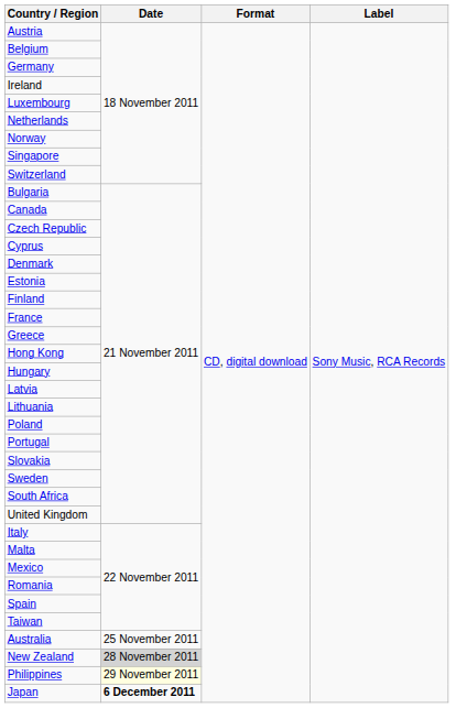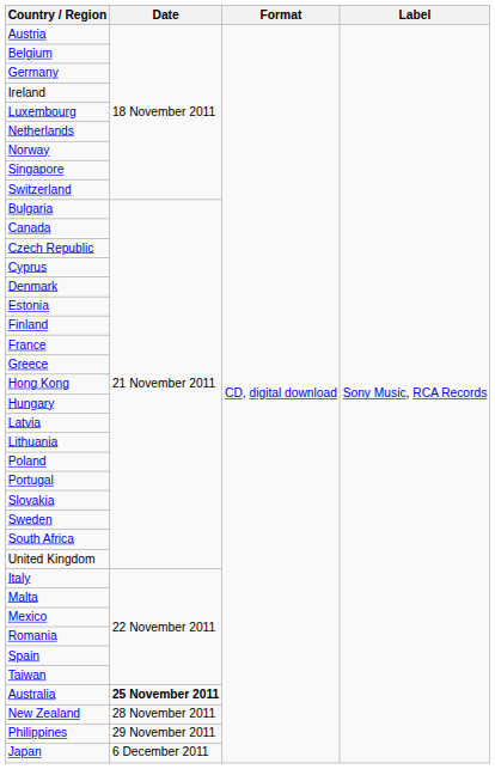 <table class="wikitable">
 <tr>
 <th>Country / Region</th>
 <th>Date</th>
 <th>Format</th>
 <th>Label</th>
 </tr>
 <tr>
 <td><a href='#'>Austria</a></td>
 <td rowspan="9">18 November 2011</td>
 <td rowspan="39"><a href='#'>CD</a>, <a href='#'>digital download</a></td>
 <td rowspan="39"><a href='#'>Sony Music</a>, <a href='#'>RCA Records</a></td>
 </tr>
 <tr>
 <td><a href='#'>Belgium</a></td>
 </tr>
 <tr>
 <td><a href='#'>Germany</a></td>
 </tr>
 <tr>
 <td>Ireland</td>
 </tr>
 <tr>
 <td><a href='#'>Luxembourg</a></td>
 </tr>
 <tr>
 <td><a href='#'>Netherlands</a></td>
 </tr>
 <tr>
 <td><a href='#'>Norway</a></td>
 </tr>
 <tr>
 <td><a href='#'>Singapore</a></td>
 </tr>
 <tr>
 <td><a href='#'>Switzerland</a></td>
 </tr>
 <tr>
 <td><a href='#'>Bulgaria</a></td>
 <td rowspan="19">21 November 2011</td>
 </tr>
 <tr>
 <td><a href='#'>Canada</a></td>
 </tr>
 <tr>
 <td><a href='#'>Czech Republic</a></td>
 </tr>
 <tr>
 <td><a href='#'>Cyprus</a></td>
 </tr>
 <tr>
 <td><a href='#'>Denmark</a></td>
 </tr>
 <tr>
 <td><a href='#'>Estonia</a></td>
 </tr>
 <tr>
 <td><a href='#'>Finland</a></td>
 </tr>
 <tr>
 <td><a href='#'>France</a></td>
 </tr>
 <tr>
 <td><a href='#'>Greece</a></td>
 </tr>
 <tr>
 <td><a href='#'>Hong Kong</a></td>
 </tr>
 <tr>
 <td><a href='#'>Hungary</a></td>
 </tr>
 <tr>
 <td><a href='#'>Latvia</a></td>
 </tr>
 <tr>
 <td><a href='#'>Lithuania</a></td>
 </tr>
 <tr>
 <td><a href='#'>Poland</a></td>
 </tr>
 <tr>
 <td><a href='#'>Portugal</a></td>
 </tr>
 <tr>
 <td><a href='#'>Slovakia</a></td>
 </tr>
 <tr>
 <td><a href='#'>Sweden</a></td>
 </tr>
 <tr>
 <td><a href='#'>South Africa</a></td>
 </tr>
 <tr>
 <td>United Kingdom</td>
 </tr>
 <tr>
 <td><a href='#'>Italy</a></td>
 <td rowspan="6">22 November 2011</td>
 </tr>
 <tr>
 <td><a href='#'>Malta</a></td>
 </tr>
 <tr>
 <td><a href='#'>Mexico</a></td>
 </tr>
 <tr>
 <td><a href='#'>Romania</a></td>
 </tr>
 <tr>
 <td><a href='#'>Spain</a></td>
 </tr>
 <tr>
 <td><a href='#'>Taiwan</a></td>
 </tr>
 <tr>
 <td><a href='#'>Australia</a></td>
-<td>25 November 2011</td>
+<td><strong>25 November 2011</strong></td>
 </tr>
 <tr>
 <td><a href='#'>New Zealand</a></td>
-<td style="background: lightgrey;">28 November 2011</td>
+<td>28 November 2011</td>
 </tr>
 <tr>
 <td><a href='#'>Philippines</a></td>
-<td style="background: lightyellow;">29 November 2011</td>
+<td>29 November 2011</td>
 </tr>
 <tr>
 <td><a href='#'>Japan</a></td>
-<td><strong>6 December 2011</strong></td>
+<td>6 December 2011</td>
 </tr>
 </table>
